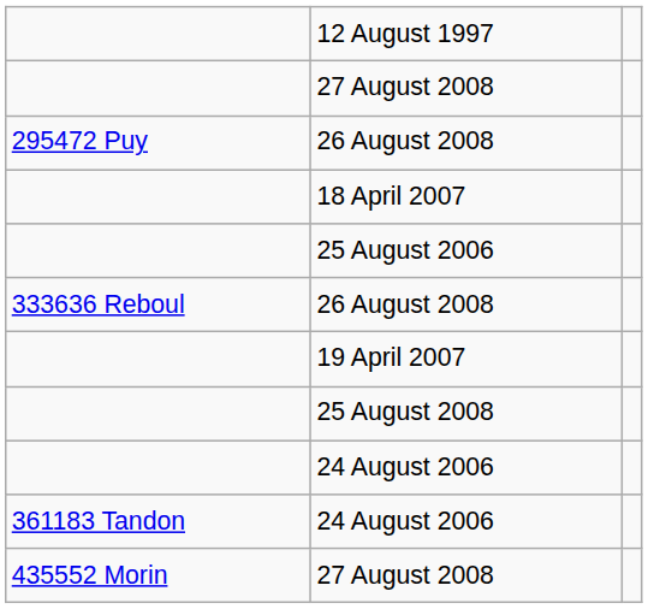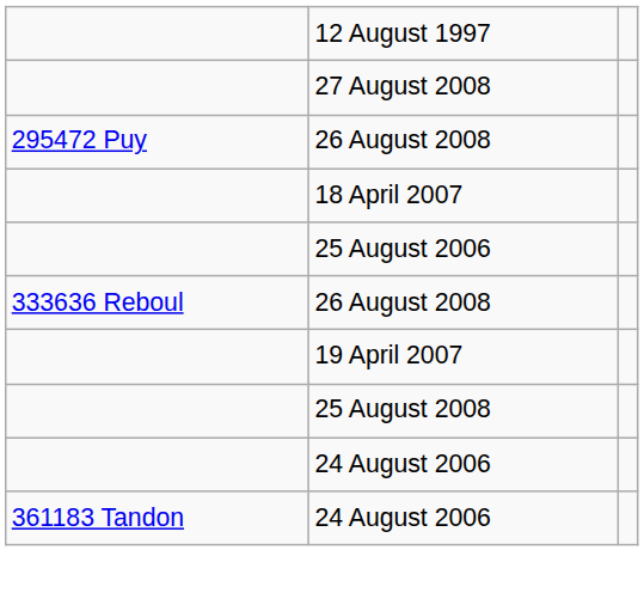 <table class="wikitable" style="font-size: 89%; float: left; width: 25em; margin-right: 1em; line-height: 1.65em !important;">
 <tr>
 <td></td>
 <td>12 August 1997</td>
 <td></td>
 </tr>
 <tr>
 <td></td>
 <td>27 August 2008</td>
 <td></td>
 </tr>
 <tr>
 <td><a href='#'>295472 Puy</a></td>
 <td>26 August 2008</td>
 <td></td>
 </tr>
 <tr>
 <td></td>
 <td>18 April 2007</td>
 <td></td>
 </tr>
 <tr>
 <td></td>
 <td>25 August 2006</td>
 <td></td>
 </tr>
 <tr>
 <td><a href='#'>333636 Reboul</a></td>
 <td>26 August 2008</td>
 <td></td>
 </tr>
 <tr>
 <td></td>
 <td>19 April 2007</td>
 <td></td>
 </tr>
 <tr>
 <td></td>
 <td>25 August 2008</td>
 <td></td>
 </tr>
 <tr>
 <td></td>
 <td>24 August 2006</td>
 <td></td>
 </tr>
 <tr>
 <td><a href='#'>361183 Tandon</a></td>
 <td>24 August 2006</td>
 <td></td>
 </tr>
-<tr>
-<td><a href='#'>435552 Morin</a></td>
-<td>27 August 2008</td>
-<td></td>
-</tr>
 </table>
